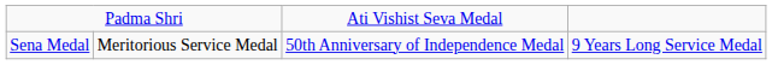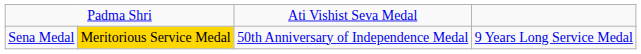 <table class="wikitable" style="margin:1em auto; text-align:center;">
 <tr>
 <td colspan="2"><a href='#'>Padma Shri</a></td>
 <td><a href='#'>Ati Vishist Seva Medal</a></td>
 </tr>
 <tr>
 <td><a href='#'>Sena Medal</a></td>
-<td>Meritorious Service Medal</td>
+<td style="background: gold;">Meritorious Service Medal</td>
 <td><a href='#'>50th Anniversary of Independence Medal</a></td>
 <td><a href='#'>9 Years Long Service Medal</a></td>
 </tr>
 </table>
